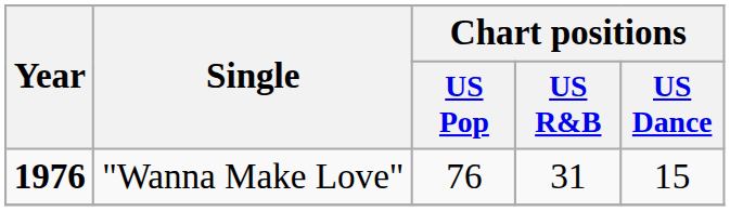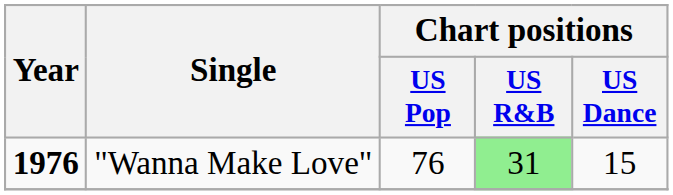 <table class="wikitable" style="text-align:center;">
 <tr>
 <th rowspan="2">Year</th>
 <th rowspan="2">Single</th>
 <th colspan="3">Chart positions</th>
 </tr>
 <tr style="font-size:smaller;">
 <th width="40"><a href='#'>US<br>Pop</a></th>
 <th width="40"><a href='#'>US<br>R&B</a></th>
 <th width="40"><a href='#'>US<br>Dance</a></th>
 </tr>
 <tr>
 <td rowspan="1"><strong>1976</strong></td>
 <td align="left">"Wanna Make Love"</td>
 <td>76</td>
-<td>31</td>
+<td style="background: lightgreen;">31</td>
 <td>15</td>
 </tr>
 <tr>
 </tr>
 </table>
